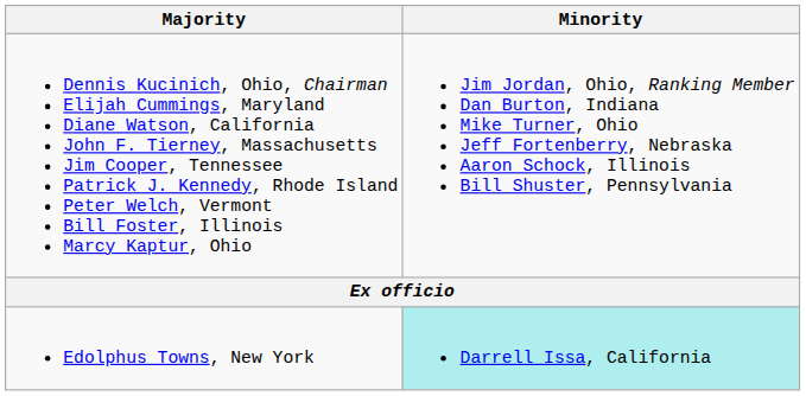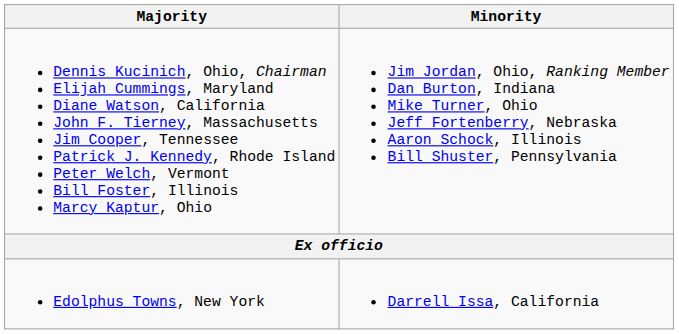 <table class=wikitable>
 <tr>
 <th>Majority</th>
 <th>Minority</th>
 </tr>
 <tr valign=top>
 <td><br><ul><li><a href='#'>Dennis Kucinich</a>, Ohio, <em>Chairman</em></li><li><a href='#'>Elijah Cummings</a>, Maryland</li><li><a href='#'>Diane Watson</a>, California</li><li><a href='#'>John F. Tierney</a>, Massachusetts</li><li><a href='#'>Jim Cooper</a>, Tennessee</li><li><a href='#'>Patrick J. Kennedy</a>, Rhode Island</li><li><a href='#'>Peter Welch</a>, Vermont</li><li><a href='#'>Bill Foster</a>, Illinois</li><li><a href='#'>Marcy Kaptur</a>, Ohio</li></ul></td>
 <td><br><ul><li><a href='#'>Jim Jordan</a>, Ohio, <em>Ranking Member</em></li><li><a href='#'>Dan Burton</a>, Indiana</li><li><a href='#'>Mike Turner</a>, Ohio</li><li><a href='#'>Jeff Fortenberry</a>, Nebraska</li><li><a href='#'>Aaron Schock</a>, Illinois</li><li><a href='#'>Bill Shuster</a>, Pennsylvania</li></ul></td>
 </tr>
 <tr>
 <th colspan=2><em>Ex officio</em></th>
 </tr>
 <tr>
 <td><br><ul><li><a href='#'>Edolphus Towns</a>, New York</li></ul></td>
-<td style="background: paleturquoise;"><br><ul><li><a href='#'>Darrell Issa</a>, California</li></ul></td>
+<td><br><ul><li><a href='#'>Darrell Issa</a>, California</li></ul></td>
 </tr>
 </table>
